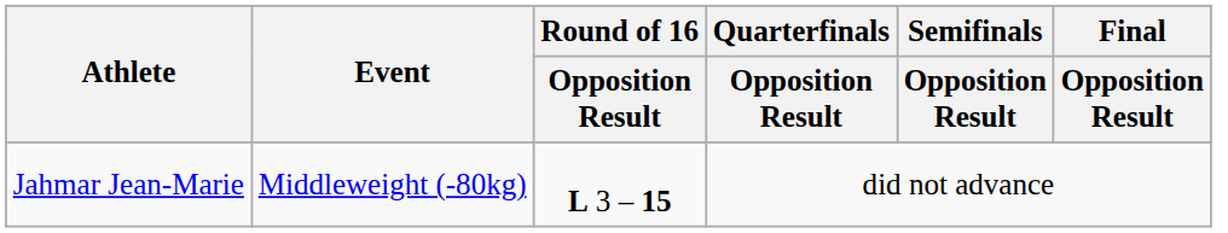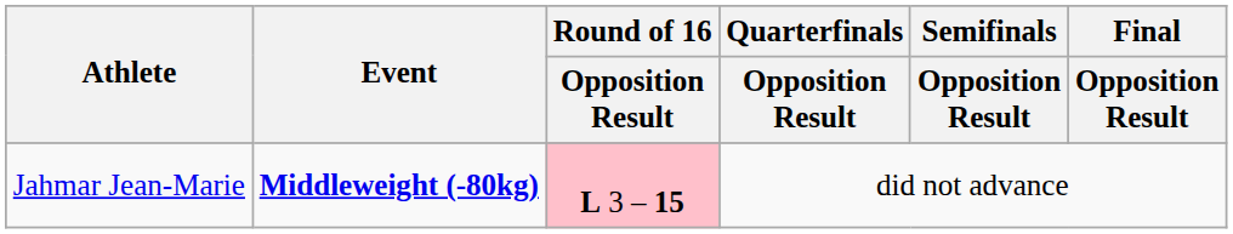 <table class="wikitable" style="font-size:90%">
 <tr>
 <th rowspan=2>Athlete</th>
 <th rowspan=2>Event</th>
 <th>Round of 16</th>
 <th>Quarterfinals</th>
 <th>Semifinals</th>
 <th>Final</th>
 </tr>
 <tr>
 <th>Opposition<br>Result</th>
 <th>Opposition<br>Result</th>
 <th>Opposition<br>Result</th>
 <th>Opposition<br>Result</th>
 </tr>
 <tr>
 <td><a href='#'>Jahmar Jean-Marie</a></td>
-<td><a href='#'>Middleweight (-80kg)</a></td>
-<td align=center><br><strong>L</strong> 3 – <strong>15</strong></td>
+<td><strong><a href='#'>Middleweight (-80kg)</a></strong></td>
+<td align=center style="background: pink;"><br><strong>L</strong> 3 – <strong>15</strong></td>
 <td align=center colspan="7">did not advance</td>
 </tr>
 </table>
